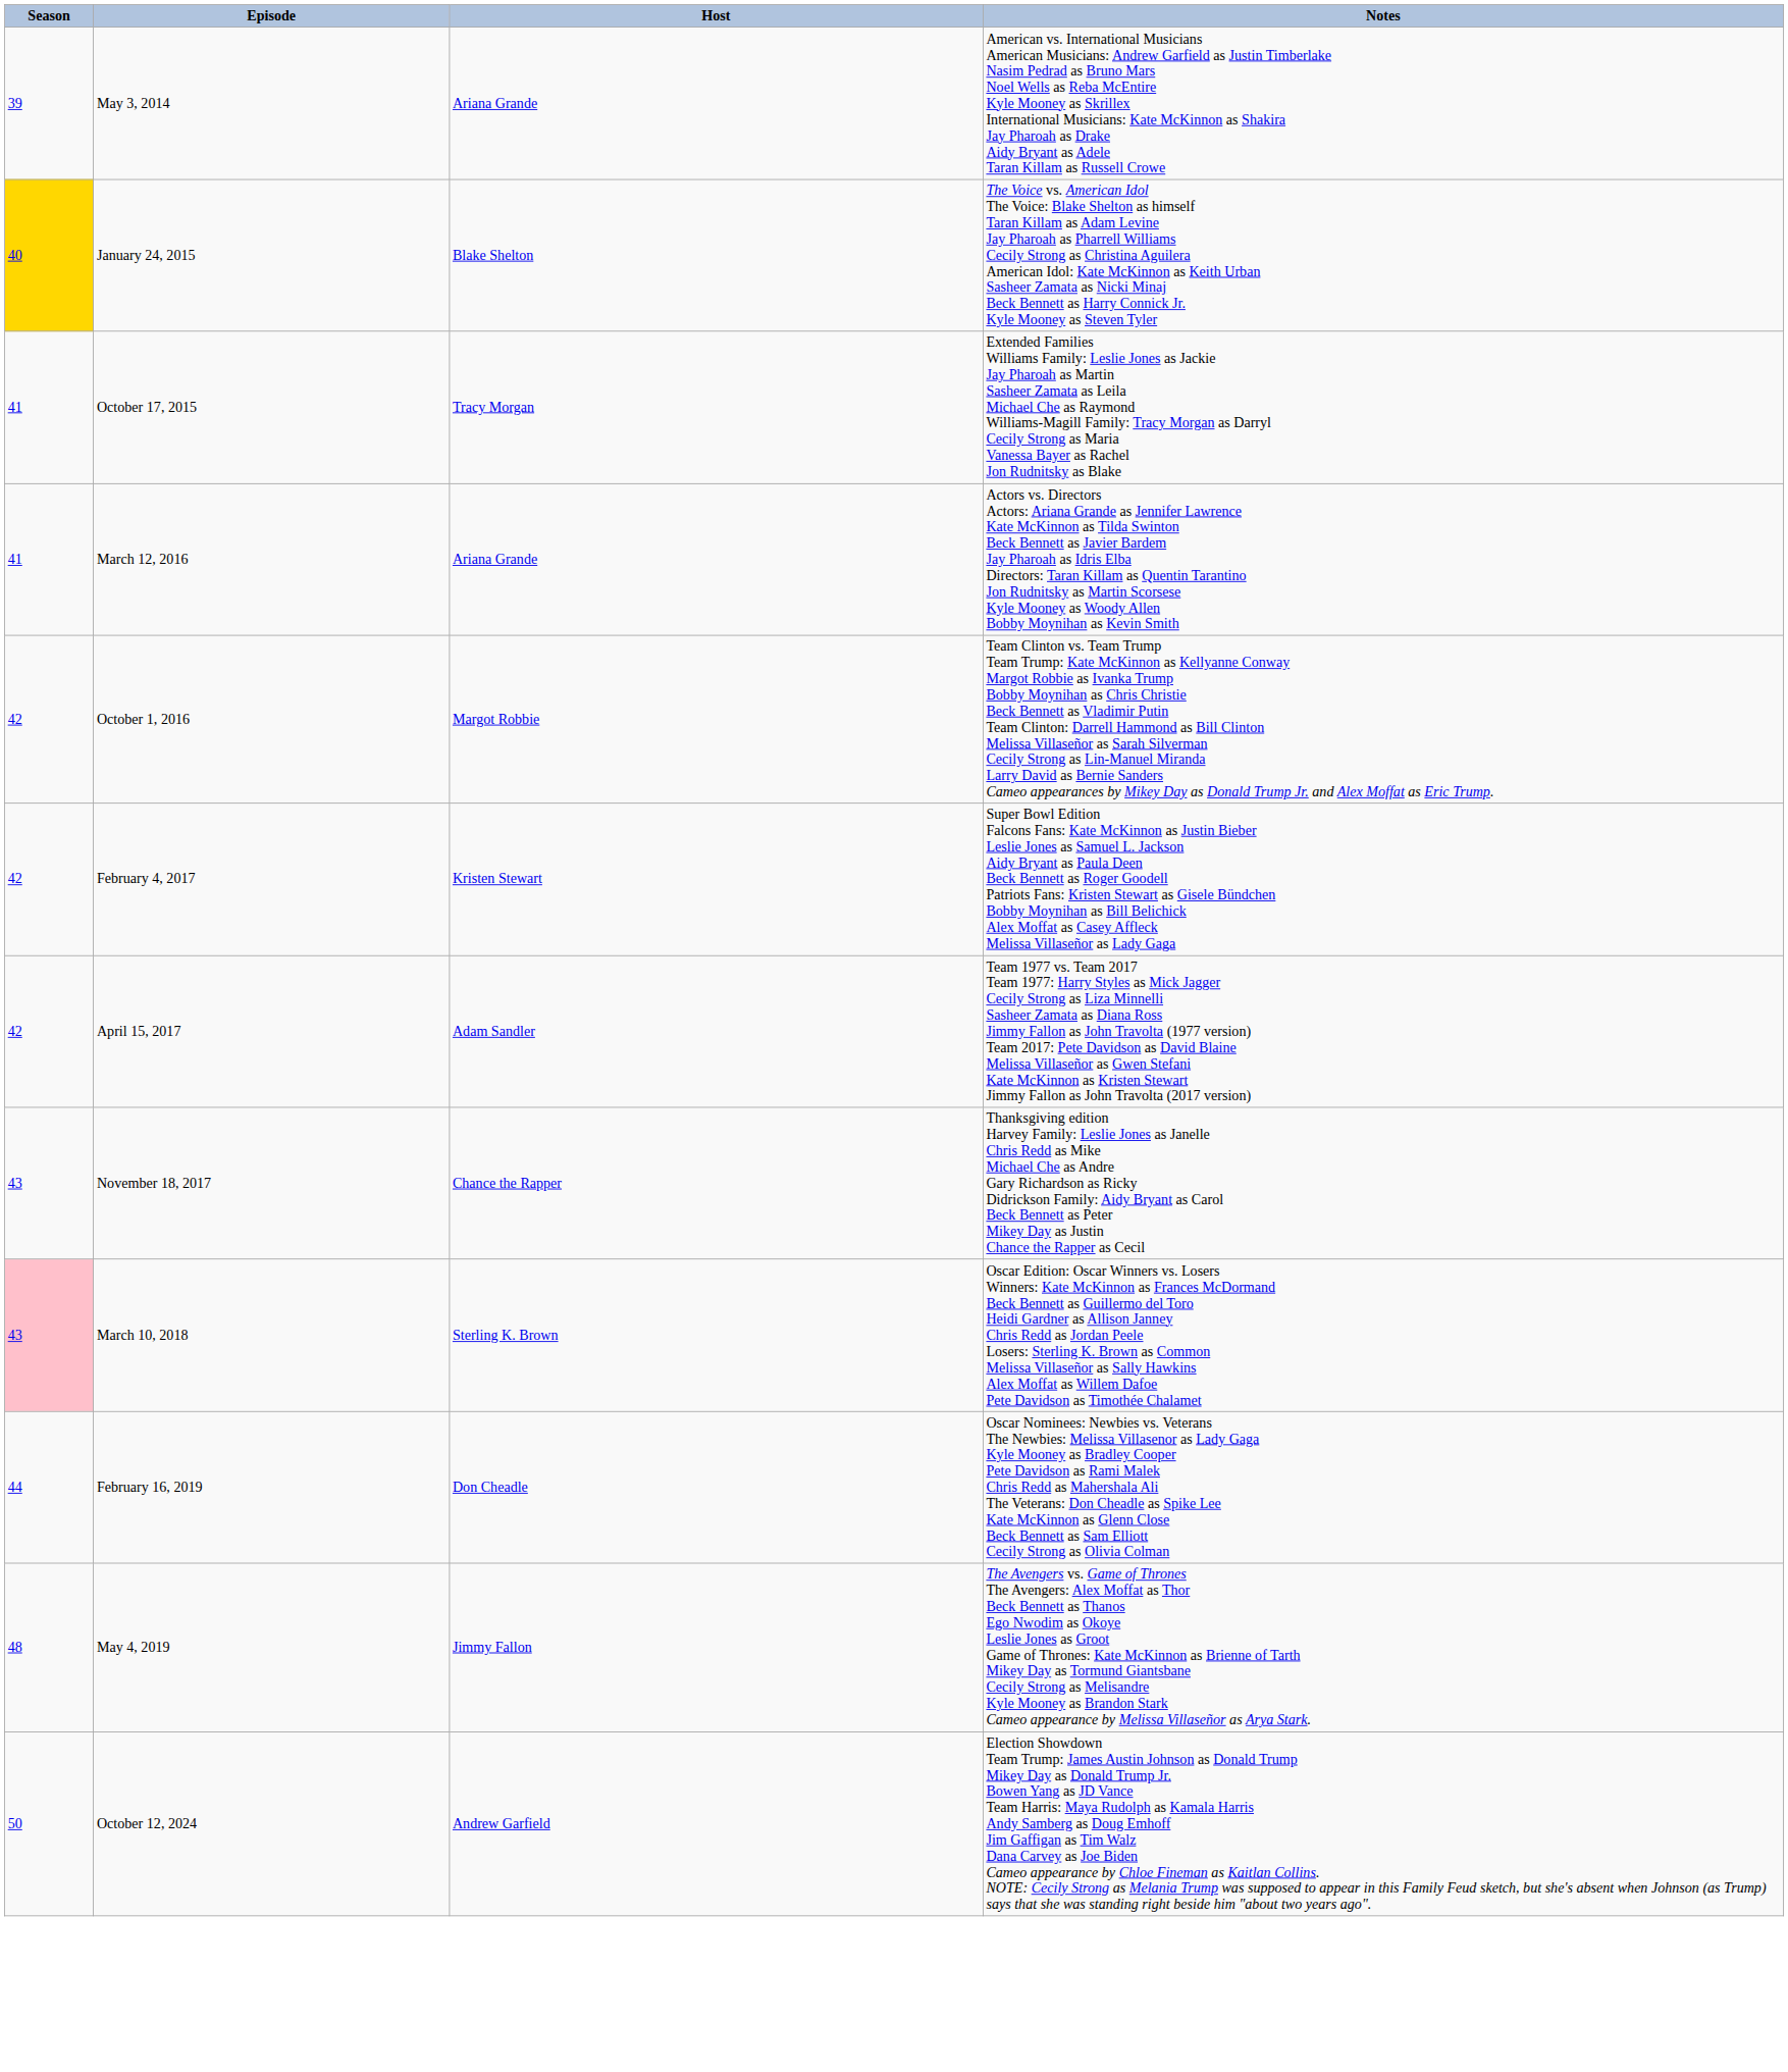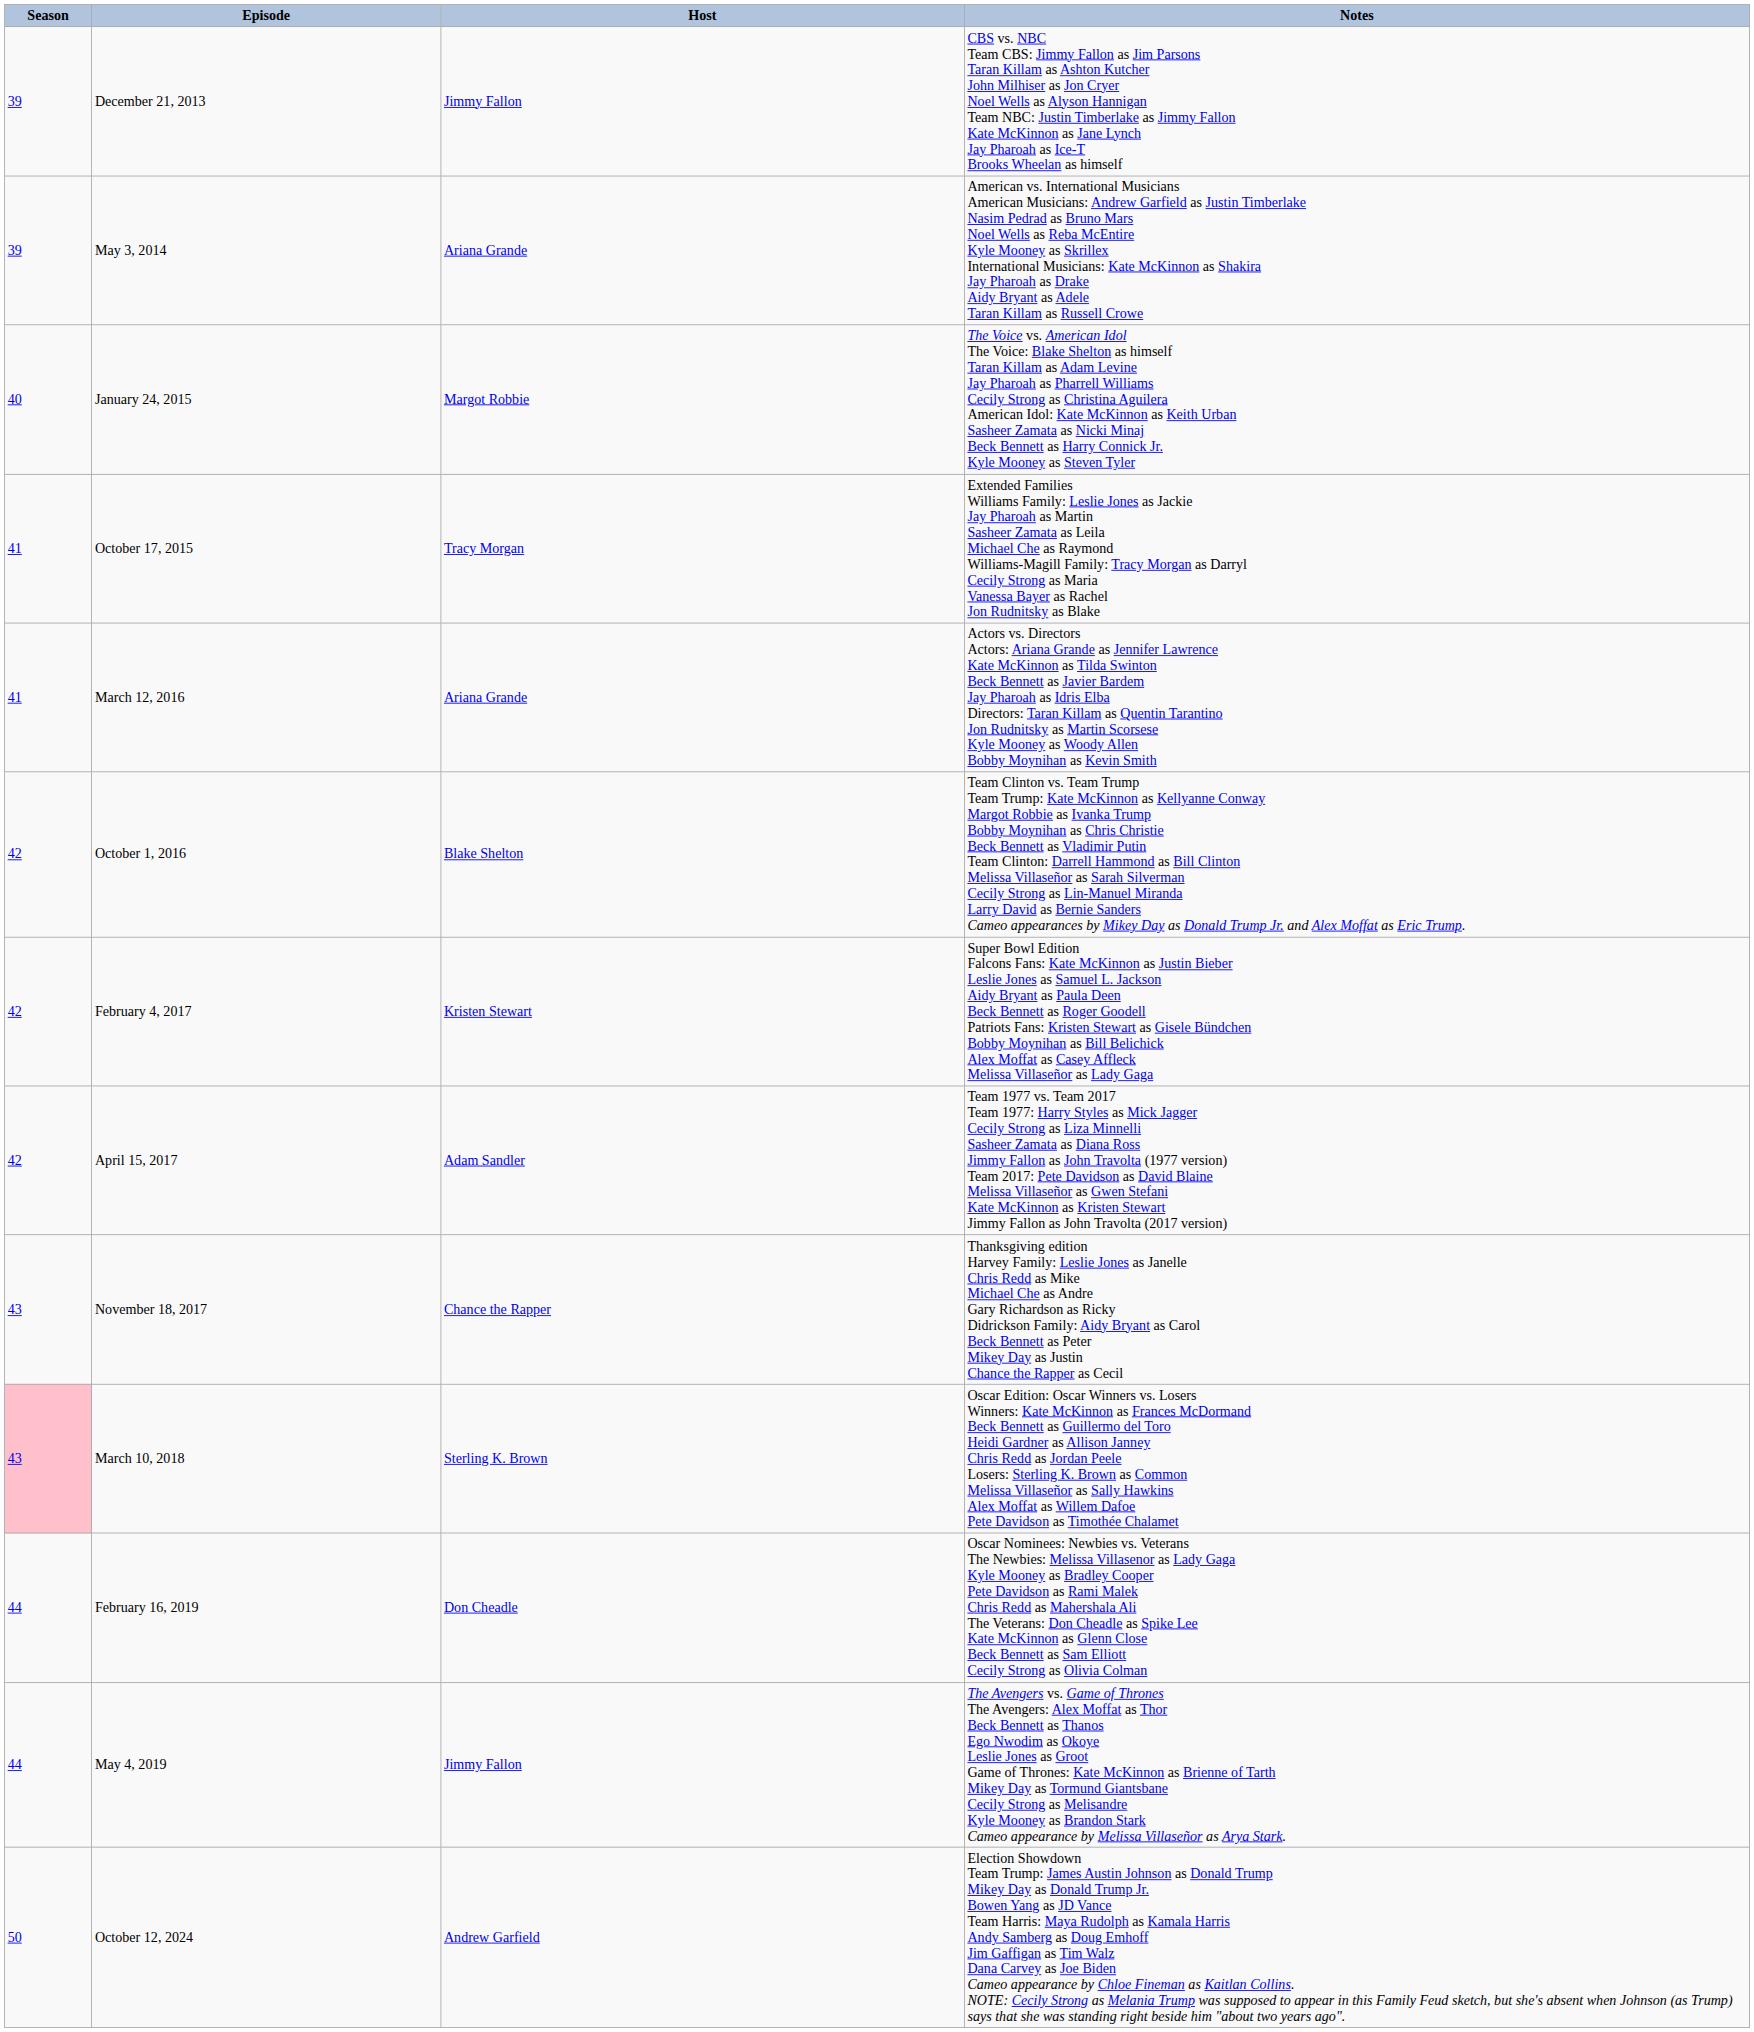 <table class="wikitable" style="width:100%;">
 <tr>
 <th style="background:#B0C4DE;" width="5%">Season</th>
 <th style="background:#B0C4DE;" width="20%">Episode</th>
 <th style="background:#B0C4DE;" width="30%">Host</th>
 <th style="background:#B0C4DE;" width="45%">Notes</th>
 </tr>
 <tr>
 <td><a href='#'>39</a></td>
+<td>December 21, 2013</td>
+<td><a href='#'>Jimmy Fallon</a></td>
+<td><a href='#'>CBS</a> vs. <a href='#'>NBC</a><br>Team CBS: <a href='#'>Jimmy Fallon</a> as <a href='#'>Jim Parsons</a><br><a href='#'>Taran Killam</a> as <a href='#'>Ashton Kutcher</a><br><a href='#'>John Milhiser</a> as <a href='#'>Jon Cryer</a><br><a href='#'>Noel Wells</a> as <a href='#'>Alyson Hannigan</a><br>Team NBC: <a href='#'>Justin Timberlake</a> as <a href='#'>Jimmy Fallon</a><br><a href='#'>Kate McKinnon</a> as <a href='#'>Jane Lynch</a><br><a href='#'>Jay Pharoah</a> as <a href='#'>Ice-T</a><br><a href='#'>Brooks Wheelan</a> as himself</td>
+</tr>
+<tr>
+<td><a href='#'>39</a></td>
 <td>May 3, 2014</td>
 <td><a href='#'>Ariana Grande</a></td>
 <td>American vs. International Musicians<br>American Musicians: <a href='#'>Andrew Garfield</a> as <a href='#'>Justin Timberlake</a><br><a href='#'>Nasim Pedrad</a> as <a href='#'>Bruno Mars</a><br><a href='#'>Noel Wells</a> as <a href='#'>Reba McEntire</a><br><a href='#'>Kyle Mooney</a> as <a href='#'>Skrillex</a><br>International Musicians: <a href='#'>Kate McKinnon</a> as <a href='#'>Shakira</a><br><a href='#'>Jay Pharoah</a> as <a href='#'>Drake</a><br><a href='#'>Aidy Bryant</a> as <a href='#'>Adele</a><br><a href='#'>Taran Killam</a> as <a href='#'>Russell Crowe</a></td>
 </tr>
 <tr>
-<td style="background: gold;"><a href='#'>40</a></td>
+<td><a href='#'>40</a></td>
 <td>January 24, 2015</td>
-<td><a href='#'>Blake Shelton</a></td>
+<td><a href='#'>Margot Robbie</a></td>
 <td><em><a href='#'>The Voice</a></em> vs. <em><a href='#'>American Idol</a></em><br>The Voice: <a href='#'>Blake Shelton</a> as himself<br><a href='#'>Taran Killam</a> as <a href='#'>Adam Levine</a><br><a href='#'>Jay Pharoah</a> as <a href='#'>Pharrell Williams</a><br><a href='#'>Cecily Strong</a> as <a href='#'>Christina Aguilera</a><br>American Idol: <a href='#'>Kate McKinnon</a> as <a href='#'>Keith Urban</a><br><a href='#'>Sasheer Zamata</a> as <a href='#'>Nicki Minaj</a><br><a href='#'>Beck Bennett</a> as <a href='#'>Harry Connick Jr.</a><br><a href='#'>Kyle Mooney</a> as <a href='#'>Steven Tyler</a></td>
 </tr>
 <tr>
 <td><a href='#'>41</a></td>
 <td>October 17, 2015</td>
 <td><a href='#'>Tracy Morgan</a></td>
 <td>Extended Families<br>Williams Family: <a href='#'>Leslie Jones</a> as Jackie<br><a href='#'>Jay Pharoah</a> as Martin<br><a href='#'>Sasheer Zamata</a> as Leila<br><a href='#'>Michael Che</a> as Raymond<br>Williams-Magill Family: <a href='#'>Tracy Morgan</a> as Darryl<br><a href='#'>Cecily Strong</a> as Maria<br><a href='#'>Vanessa Bayer</a> as Rachel<br><a href='#'>Jon Rudnitsky</a> as Blake</td>
 </tr>
 <tr>
 <td><a href='#'>41</a></td>
 <td>March 12, 2016</td>
 <td><a href='#'>Ariana Grande</a></td>
 <td>Actors vs. Directors<br>Actors: <a href='#'>Ariana Grande</a> as <a href='#'>Jennifer Lawrence</a><br><a href='#'>Kate McKinnon</a> as <a href='#'>Tilda Swinton</a><br><a href='#'>Beck Bennett</a> as <a href='#'>Javier Bardem</a><br><a href='#'>Jay Pharoah</a> as <a href='#'>Idris Elba</a><br>Directors: <a href='#'>Taran Killam</a> as <a href='#'>Quentin Tarantino</a><br><a href='#'>Jon Rudnitsky</a> as <a href='#'>Martin Scorsese</a><br><a href='#'>Kyle Mooney</a> as <a href='#'>Woody Allen</a><br><a href='#'>Bobby Moynihan</a> as <a href='#'>Kevin Smith</a></td>
 </tr>
 <tr>
 <td><a href='#'>42</a></td>
 <td>October 1, 2016</td>
-<td><a href='#'>Margot Robbie</a></td>
+<td><a href='#'>Blake Shelton</a></td>
 <td>Team Clinton vs. Team Trump<br>Team Trump:  <a href='#'>Kate McKinnon</a> as <a href='#'>Kellyanne Conway</a><br><a href='#'>Margot Robbie</a> as <a href='#'>Ivanka Trump</a><br><a href='#'>Bobby Moynihan</a> as <a href='#'>Chris Christie</a><br><a href='#'>Beck Bennett</a> as <a href='#'>Vladimir Putin</a><br>Team Clinton: <a href='#'>Darrell Hammond</a> as <a href='#'>Bill Clinton</a><br><a href='#'>Melissa Villaseñor</a> as <a href='#'>Sarah Silverman</a><br><a href='#'>Cecily Strong</a> as <a href='#'>Lin-Manuel Miranda</a><br><a href='#'>Larry David</a> as <a href='#'>Bernie Sanders</a><br><em>Cameo appearances by <a href='#'>Mikey Day</a> as <a href='#'>Donald Trump Jr.</a> and <a href='#'>Alex Moffat</a> as <a href='#'>Eric Trump</a>.</em></td>
 </tr>
 <tr>
 <td><a href='#'>42</a></td>
 <td>February 4, 2017</td>
 <td><a href='#'>Kristen Stewart</a></td>
 <td>Super Bowl Edition<br>Falcons Fans: <a href='#'>Kate McKinnon</a> as <a href='#'>Justin Bieber</a><br><a href='#'>Leslie Jones</a> as <a href='#'>Samuel L. Jackson</a><br><a href='#'>Aidy Bryant</a> as <a href='#'>Paula Deen</a><br><a href='#'>Beck Bennett</a> as <a href='#'>Roger Goodell</a><br>Patriots Fans: <a href='#'>Kristen Stewart</a> as <a href='#'>Gisele Bündchen</a><br><a href='#'>Bobby Moynihan</a> as <a href='#'>Bill Belichick</a><br><a href='#'>Alex Moffat</a> as <a href='#'>Casey Affleck</a><br><a href='#'>Melissa Villaseñor</a> as <a href='#'>Lady Gaga</a></td>
 </tr>
 <tr>
 <td><a href='#'>42</a></td>
 <td>April 15, 2017</td>
 <td><a href='#'>Adam Sandler</a></td>
 <td>Team 1977 vs. Team 2017<br>Team 1977: <a href='#'>Harry Styles</a> as <a href='#'>Mick Jagger</a><br><a href='#'>Cecily Strong</a> as <a href='#'>Liza Minnelli</a><br><a href='#'>Sasheer Zamata</a> as <a href='#'>Diana Ross</a><br><a href='#'>Jimmy Fallon</a> as <a href='#'>John Travolta</a> (1977 version)<br>Team 2017: <a href='#'>Pete Davidson</a> as <a href='#'>David Blaine</a><br><a href='#'>Melissa Villaseñor</a> as <a href='#'>Gwen Stefani</a><br><a href='#'>Kate McKinnon</a> as <a href='#'>Kristen Stewart</a><br>Jimmy Fallon as John Travolta (2017 version)</td>
 </tr>
 <tr>
 <td><a href='#'>43</a></td>
 <td>November 18, 2017</td>
 <td><a href='#'>Chance the Rapper</a></td>
 <td>Thanksgiving edition<br>Harvey Family: <a href='#'>Leslie Jones</a> as Janelle<br><a href='#'>Chris Redd</a> as Mike<br><a href='#'>Michael Che</a> as Andre<br>Gary Richardson as Ricky<br>Didrickson Family: <a href='#'>Aidy Bryant</a> as Carol<br><a href='#'>Beck Bennett</a> as Peter<br><a href='#'>Mikey Day</a> as Justin<br><a href='#'>Chance the Rapper</a> as Cecil</td>
 </tr>
 <tr>
 <td style="background: pink;"><a href='#'>43</a></td>
 <td>March 10, 2018</td>
 <td><a href='#'>Sterling K. Brown</a></td>
 <td>Oscar Edition: Oscar Winners vs. Losers<br>Winners: <a href='#'>Kate McKinnon</a> as <a href='#'>Frances McDormand</a><br><a href='#'>Beck Bennett</a> as <a href='#'>Guillermo del Toro</a><br><a href='#'>Heidi Gardner</a> as <a href='#'>Allison Janney</a><br><a href='#'>Chris Redd</a> as <a href='#'>Jordan Peele</a><br>Losers: <a href='#'>Sterling K. Brown</a> as <a href='#'>Common</a><br><a href='#'>Melissa Villaseñor</a> as <a href='#'>Sally Hawkins</a><br><a href='#'>Alex Moffat</a> as <a href='#'>Willem Dafoe</a><br><a href='#'>Pete Davidson</a> as <a href='#'>Timothée Chalamet</a></td>
 </tr>
 <tr>
 <td><a href='#'>44</a></td>
 <td>February 16, 2019</td>
 <td><a href='#'>Don Cheadle</a></td>
 <td>Oscar Nominees: Newbies vs. Veterans<br>The Newbies: <a href='#'>Melissa Villasenor</a> as <a href='#'>Lady Gaga</a><br><a href='#'>Kyle Mooney</a> as <a href='#'>Bradley Cooper</a><br><a href='#'>Pete Davidson</a> as <a href='#'>Rami Malek</a><br><a href='#'>Chris Redd</a> as <a href='#'>Mahershala Ali</a><br>The Veterans:  <a href='#'>Don Cheadle</a> as <a href='#'>Spike Lee</a><br><a href='#'>Kate McKinnon</a> as <a href='#'>Glenn Close</a><br><a href='#'>Beck Bennett</a> as <a href='#'>Sam Elliott</a><br><a href='#'>Cecily Strong</a> as <a href='#'>Olivia Colman</a></td>
 </tr>
 <tr>
-<td><a href='#'>48</a></td>
+<td><a href='#'>44</a></td>
 <td>May 4, 2019</td>
 <td><a href='#'>Jimmy Fallon</a></td>
 <td><em><a href='#'>The Avengers</a></em> vs. <em><a href='#'>Game of Thrones</a></em><br>The Avengers: <a href='#'>Alex Moffat</a> as <a href='#'>Thor</a><br><a href='#'>Beck Bennett</a> as <a href='#'>Thanos</a><br><a href='#'>Ego Nwodim</a> as <a href='#'>Okoye</a><br><a href='#'>Leslie Jones</a> as <a href='#'>Groot</a><br>Game of Thrones: <a href='#'>Kate McKinnon</a> as <a href='#'>Brienne of Tarth</a><br><a href='#'>Mikey Day</a> as <a href='#'>Tormund Giantsbane</a><br><a href='#'>Cecily Strong</a> as <a href='#'>Melisandre</a><br><a href='#'>Kyle Mooney</a> as <a href='#'>Brandon Stark</a><br><em>Cameo appearance by <a href='#'>Melissa Villaseñor</a> as <a href='#'>Arya Stark</a>.</em></td>
 </tr>
 <tr>
 <td><a href='#'>50</a></td>
 <td>October 12, 2024</td>
 <td><a href='#'>Andrew Garfield</a></td>
 <td>Election Showdown<br>Team Trump: <a href='#'>James Austin Johnson</a> as <a href='#'>Donald Trump</a><br><a href='#'>Mikey Day</a> as <a href='#'>Donald Trump Jr.</a><br><a href='#'>Bowen Yang</a> as <a href='#'>JD Vance</a><br>Team Harris: <a href='#'>Maya Rudolph</a> as <a href='#'>Kamala Harris</a><br><a href='#'>Andy Samberg</a> as <a href='#'>Doug Emhoff</a><br><a href='#'>Jim Gaffigan</a> as <a href='#'>Tim Walz</a><br><a href='#'>Dana Carvey</a> as <a href='#'>Joe Biden</a><br><em>Cameo appearance by <a href='#'>Chloe Fineman</a> as <a href='#'>Kaitlan Collins</a>.</em><br><em>NOTE: <a href='#'>Cecily Strong</a> as <a href='#'>Melania Trump</a> was supposed to appear in this Family Feud sketch, but she's absent when Johnson (as Trump) says that she was standing right beside him "about two years ago".</em></td>
 </tr>
 </table>
